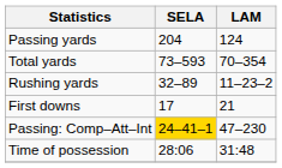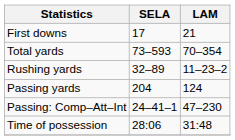 <table class="wikitable" style="float: left;">
 <tr>
 <th>Statistics</th>
 <th>SELA</th>
 <th>LAM</th>
 </tr>
 <tr>
-<td>Passing yards</td>
-<td>204</td>
-<td>124</td>
+<td>First downs</td>
+<td>17</td>
+<td>21</td>
 </tr>
 <tr>
 <td>Total yards</td>
 <td>73–593</td>
 <td>70–354</td>
 </tr>
 <tr>
 <td>Rushing yards</td>
 <td>32–89</td>
 <td>11–23–2</td>
 </tr>
 <tr>
-<td>First downs</td>
-<td>17</td>
-<td>21</td>
+<td>Passing yards</td>
+<td>204</td>
+<td>124</td>
 </tr>
 <tr>
 <td>Passing: Comp–Att–Int</td>
-<td style="background: gold;">24–41–1</td>
+<td>24–41–1</td>
 <td>47–230</td>
 </tr>
 <tr>
 <td>Time of possession</td>
 <td>28:06</td>
 <td>31:48</td>
 </tr>
 <tr>
 </tr>
 </table>
